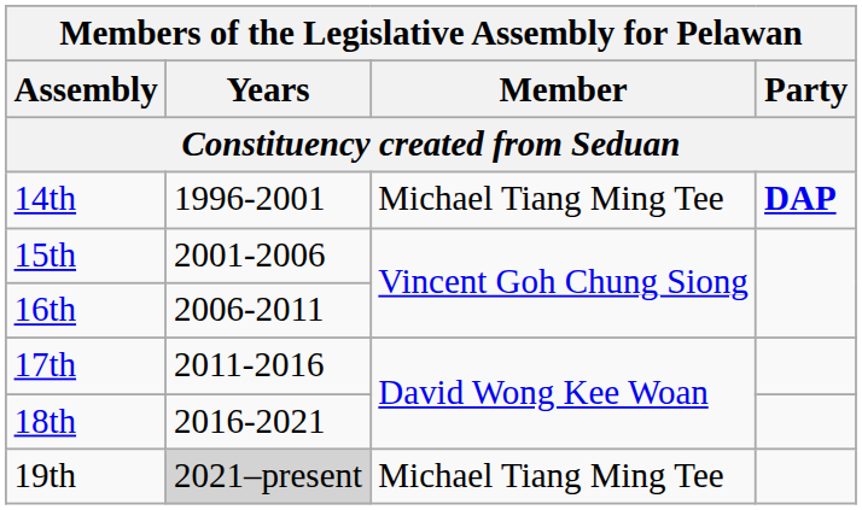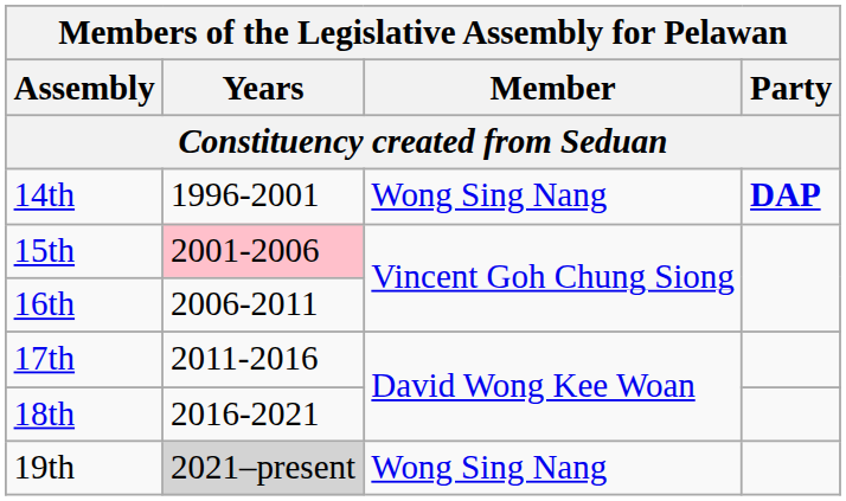 <table class=wikitable>
 <tr>
 <th colspan="4">Members of the Legislative Assembly for Pelawan</th>
 </tr>
 <tr>
 <th>Assembly</th>
 <th>Years</th>
 <th>Member</th>
 <th>Party</th>
 </tr>
 <tr>
 <th colspan=4 align=center><em>Constituency created from Seduan</em></th>
 </tr>
 <tr>
 <td><a href='#'>14th</a></td>
 <td>1996-2001</td>
-<td>Michael Tiang Ming Tee</td>
+<td><a href='#'>Wong Sing Nang</a></td>
 <td bgcolor=><a href='#'><strong>DAP</strong></a></td>
 </tr>
 <tr>
 <td><a href='#'>15th</a></td>
-<td>2001-2006</td>
+<td style="background: pink;">2001-2006</td>
 <td rowspan=2><a href='#'>Vincent Goh Chung Siong</a></td>
 <td rowspan=2 bgcolor=></td>
 </tr>
 <tr>
 <td><a href='#'>16th</a></td>
 <td>2006-2011</td>
 </tr>
 <tr>
 <td><a href='#'>17th</a></td>
 <td>2011-2016</td>
 <td rowspan=2><a href='#'>David Wong Kee Woan</a></td>
 <td></td>
 </tr>
 <tr>
 <td><a href='#'>18th</a></td>
 <td>2016-2021</td>
 <td bgcolor=></td>
 </tr>
 <tr>
 <td>19th</td>
 <td style="background: lightgrey;">2021–present</td>
-<td>Michael Tiang Ming Tee</td>
+<td><a href='#'>Wong Sing Nang</a></td>
 <td bgcolor=></td>
 </tr>
 </table>
